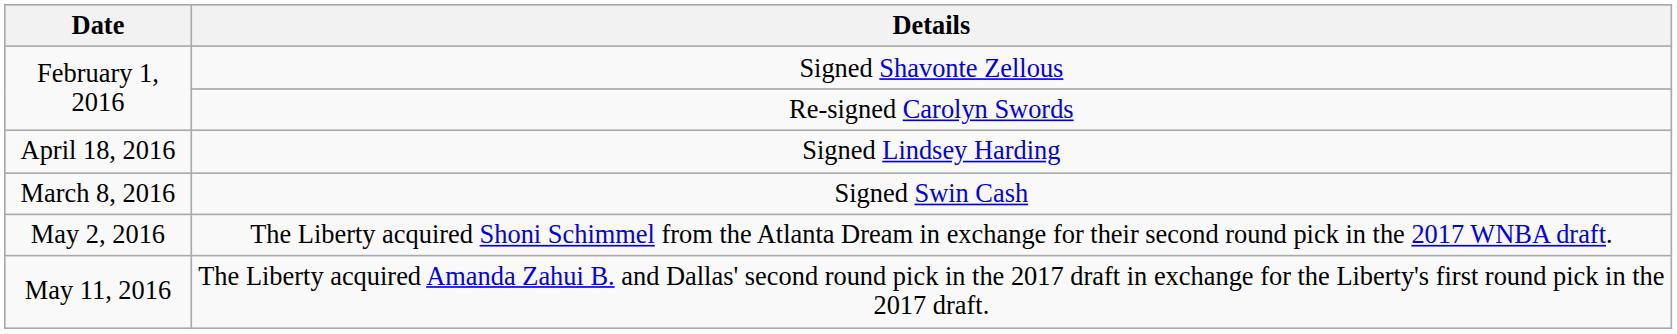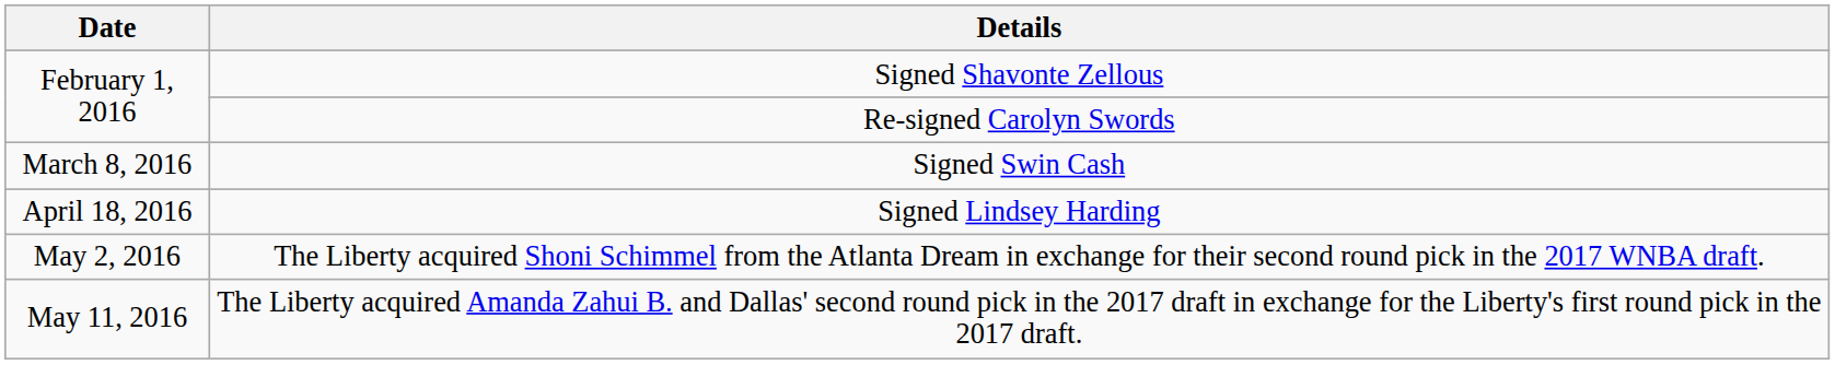 <table class="wikitable" style="width:80%; text-align: center;">
 <tr>
 <th>Date</th>
 <th>Details</th>
 </tr>
 <tr>
 <td rowspan=2>February 1, 2016</td>
 <td>Signed <a href='#'>Shavonte Zellous</a></td>
 </tr>
 <tr>
 <td>Re-signed <a href='#'>Carolyn Swords</a></td>
 </tr>
 <tr>
+<td>March 8, 2016</td>
+<td>Signed <a href='#'>Swin Cash</a></td>
+</tr>
+<tr>
 <td>April 18, 2016</td>
 <td>Signed <a href='#'>Lindsey Harding</a></td>
-</tr>
-<tr>
-<td>March 8, 2016</td>
-<td>Signed <a href='#'>Swin Cash</a></td>
 </tr>
 <tr>
 <td>May 2, 2016</td>
 <td>The Liberty acquired <a href='#'>Shoni Schimmel</a> from the Atlanta Dream in exchange for their second round pick in the <a href='#'>2017 WNBA draft</a>.</td>
 </tr>
 <tr>
 <td>May 11, 2016</td>
 <td>The Liberty acquired <a href='#'>Amanda Zahui B.</a> and Dallas' second round pick in the 2017 draft in exchange for the Liberty's first round pick in the 2017 draft.</td>
 </tr>
 </table>
